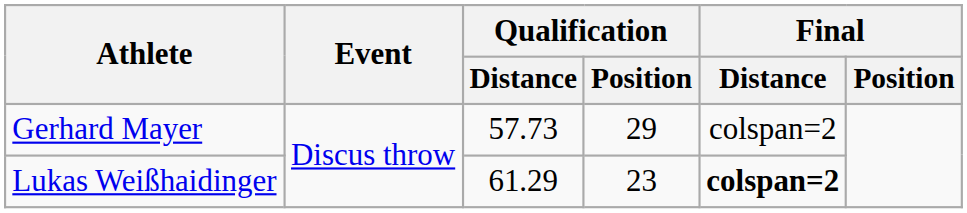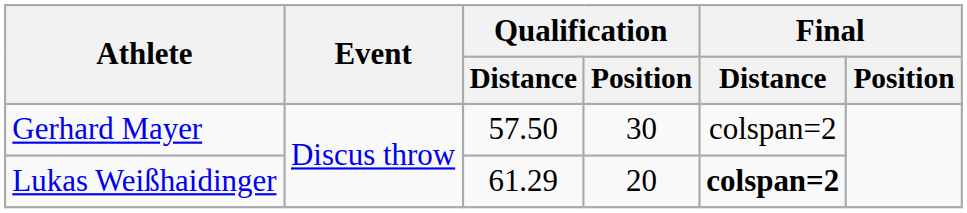 <table class=wikitable style="font-size:90%">
 <tr>
 <th rowspan="2">Athlete</th>
 <th rowspan="2">Event</th>
 <th colspan="2">Qualification</th>
 <th colspan="2">Final</th>
 </tr>
 <tr style="font-size:95%">
 <th>Distance</th>
 <th>Position</th>
 <th>Distance</th>
 <th>Position</th>
 </tr>
 <tr style=text-align:center>
 <td style=text-align:left><a href='#'>Gerhard Mayer</a></td>
 <td style=text-align:left rowspan=2><a href='#'>Discus throw</a></td>
-<td>57.73</td>
-<td>29</td>
+<td>57.50</td>
+<td>30</td>
 <td>colspan=2 </td>
 </tr>
 <tr style=text-align:center>
 <td style=text-align:left><a href='#'>Lukas Weißhaidinger</a></td>
 <td>61.29</td>
-<td>23</td>
+<td>20</td>
 <td><strong>colspan=2 </strong></td>
 </tr>
 </table>
